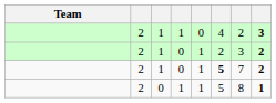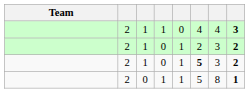 <table class="wikitable" style="text-align:center">
 <tr>
 <th width=165>Team</th>
 <th width=20></th>
 <th width=20></th>
 <th width=20></th>
 <th width=20></th>
 <th width=20></th>
 <th width=20></th>
 <th width=20></th>
 </tr>
 <tr style="background:#cfc;">
 <td align="left"></td>
 <td>2</td>
 <td>1</td>
 <td>1</td>
 <td>0</td>
 <td>4</td>
-<td>2</td>
+<td>4</td>
 <td><strong>3</strong></td>
 </tr>
 <tr style="background:#cfc;">
 <td align="left"></td>
 <td>2</td>
 <td>1</td>
 <td>0</td>
 <td>1</td>
 <td>2</td>
 <td>3</td>
 <td><strong>2</strong></td>
 </tr>
 <tr>
 <td align="left"></td>
 <td>2</td>
 <td>1</td>
 <td>0</td>
 <td>1</td>
 <td><strong>5</strong></td>
-<td>7</td>
+<td>3</td>
 <td><strong>2</strong></td>
 </tr>
 <tr>
 <td align="left"></td>
 <td>2</td>
 <td>0</td>
 <td>1</td>
 <td>1</td>
 <td>5</td>
 <td>8</td>
 <td><strong>1</strong></td>
 </tr>
 </table>
